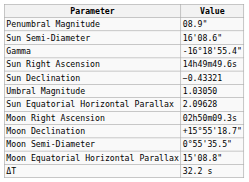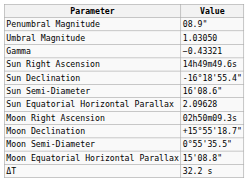 <table class="wikitable">
 <tr>
 <th>Parameter</th>
 <th>Value</th>
 </tr>
 <tr>
 <td>Penumbral Magnitude</td>
 <td>08.9"</td>
 </tr>
 <tr>
-<td>Sun Semi-Diameter</td>
-<td>16'08.6"</td>
+<td>Umbral Magnitude</td>
+<td>1.03050</td>
 </tr>
 <tr>
 <td>Gamma</td>
-<td>-16°18'55.4"</td>
+<td>−0.43321</td>
 </tr>
 <tr>
 <td>Sun Right Ascension</td>
 <td>14h49m49.6s</td>
 </tr>
 <tr>
 <td>Sun Declination</td>
-<td>−0.43321</td>
+<td>-16°18'55.4"</td>
 </tr>
 <tr>
-<td>Umbral Magnitude</td>
-<td>1.03050</td>
+<td>Sun Semi-Diameter</td>
+<td>16'08.6"</td>
 </tr>
 <tr>
 <td>Sun Equatorial Horizontal Parallax</td>
 <td>2.09628</td>
 </tr>
 <tr>
 <td>Moon Right Ascension</td>
 <td>02h50m09.3s</td>
 </tr>
 <tr>
 <td>Moon Declination</td>
 <td>+15°55'18.7"</td>
 </tr>
 <tr>
 <td>Moon Semi-Diameter</td>
 <td>0°55'35.5"</td>
 </tr>
 <tr>
 <td>Moon Equatorial Horizontal Parallax</td>
 <td>15'08.8"</td>
 </tr>
 <tr>
 <td>ΔT</td>
 <td>32.2 s</td>
 </tr>
 </table>
